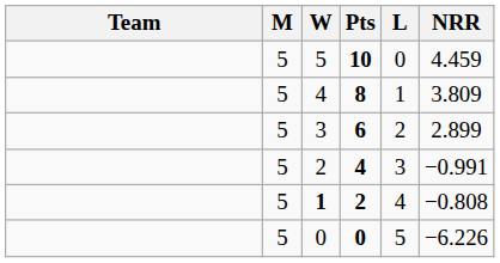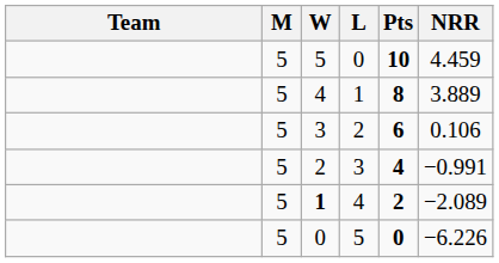 <table class="wikitable" style="text-align:center;">
 <tr>
 <th width=175>Team</th>
 <th width="20" abbr="Played">M</th>
 <th width="20" abbr="Won">W</th>
+<th width="20" abbr="Lost">L</th>
 <th width="20" abbr="Points">Pts</th>
-<th width="20" abbr="Lost">L</th>
 <th width=20 abbr="Net run rate">NRR</th>
 </tr>
 <tr style="background:#f9f9f9;">
 <td style="text-align:left;"></td>
 <td>5</td>
 <td>5</td>
+<td>0</td>
 <td><strong>10</strong></td>
-<td>0</td>
 <td>4.459</td>
 </tr>
 <tr style="background:#f9f9f9;">
 <td style="text-align:left;"></td>
 <td>5</td>
 <td>4</td>
+<td>1</td>
 <td><strong>8</strong></td>
-<td>1</td>
-<td>3.809</td>
+<td>3.889</td>
 </tr>
 <tr style="background:#f9f9f9;">
 <td style="text-align:left;"></td>
 <td>5</td>
 <td>3</td>
+<td>2</td>
 <td><strong>6</strong></td>
-<td>2</td>
-<td>2.899</td>
+<td>0.106</td>
 </tr>
 <tr style="background:#f9f9f9;">
 <td style="text-align:left;"></td>
 <td>5</td>
 <td>2</td>
+<td>3</td>
 <td><strong>4</strong></td>
-<td>3</td>
 <td>−0.991</td>
 </tr>
 <tr style="background:#f9f9f9;">
 <td style="text-align:left;"></td>
 <td>5</td>
 <td><strong>1</strong></td>
+<td>4</td>
 <td><strong>2</strong></td>
-<td>4</td>
-<td>−0.808</td>
+<td>−2.089</td>
 </tr>
 <tr style="background:#f9f9f9;">
 <td style="text-align:left;"></td>
 <td>5</td>
 <td>0</td>
+<td>5</td>
 <td><strong>0</strong></td>
-<td>5</td>
 <td>−6.226</td>
 </tr>
 </table>
